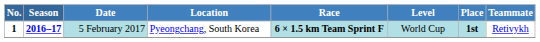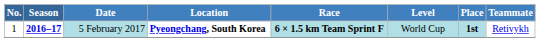 <table class="wikitable sortable" style="font-size:95%; text-align:center; border:grey solid 1px; border-collapse:collapse; background:#ffffff;">
 <tr style="background:#efefef;">
 <th style="background-color:#369; color:white;">No.</th>
 <th style="background-color:#369; color:white;">Season</th>
 <th style="background-color:#4180be; color:white; width:120px;">Date</th>
 <th style="background-color:#4180be; color:white; width:180px;">Location</th>
 <th style="background-color:#4180be; color:white; width:170px;">Race</th>
 <th style="background-color:#4180be; color:white; width:100px;">Level</th>
 <th style="background-color:#4180be; color:white;">Place</th>
 <th style="background-color:#4180be; color:white;">Teammate</th>
 </tr>
 <tr>
-<td align=center><strong>1</strong></td>
+<td align=center>1</td>
 <td rowspan=1 align=center><strong><a href='#'>2016–17</a></strong></td>
 <td bgcolor="#BOEOE6" align=right>5 February 2017</td>
-<td align=left> <a href='#'>Pyeongchang</a>, South Korea</td>
+<td align=left><strong> <a href='#'>Pyeongchang</a>, South Korea</strong></td>
 <td bgcolor="#BOEOE6"><strong>6 × 1.5 km Team Sprint F</strong></td>
 <td bgcolor="#BOEOE6">World Cup</td>
 <td bgcolor="#BOEOE6"><strong>1st</strong></td>
 <td><a href='#'>Retivykh</a></td>
 </tr>
 <tr>
 </tr>
 </table>
